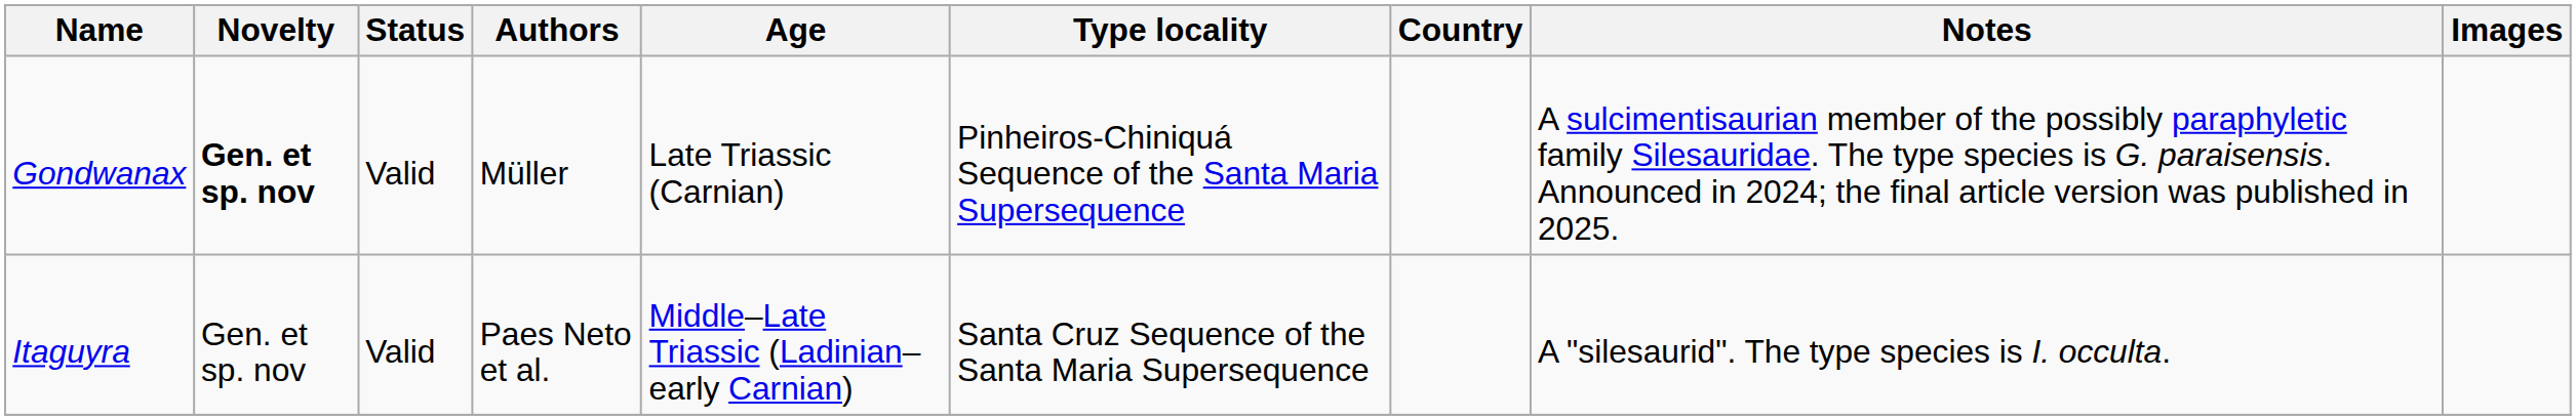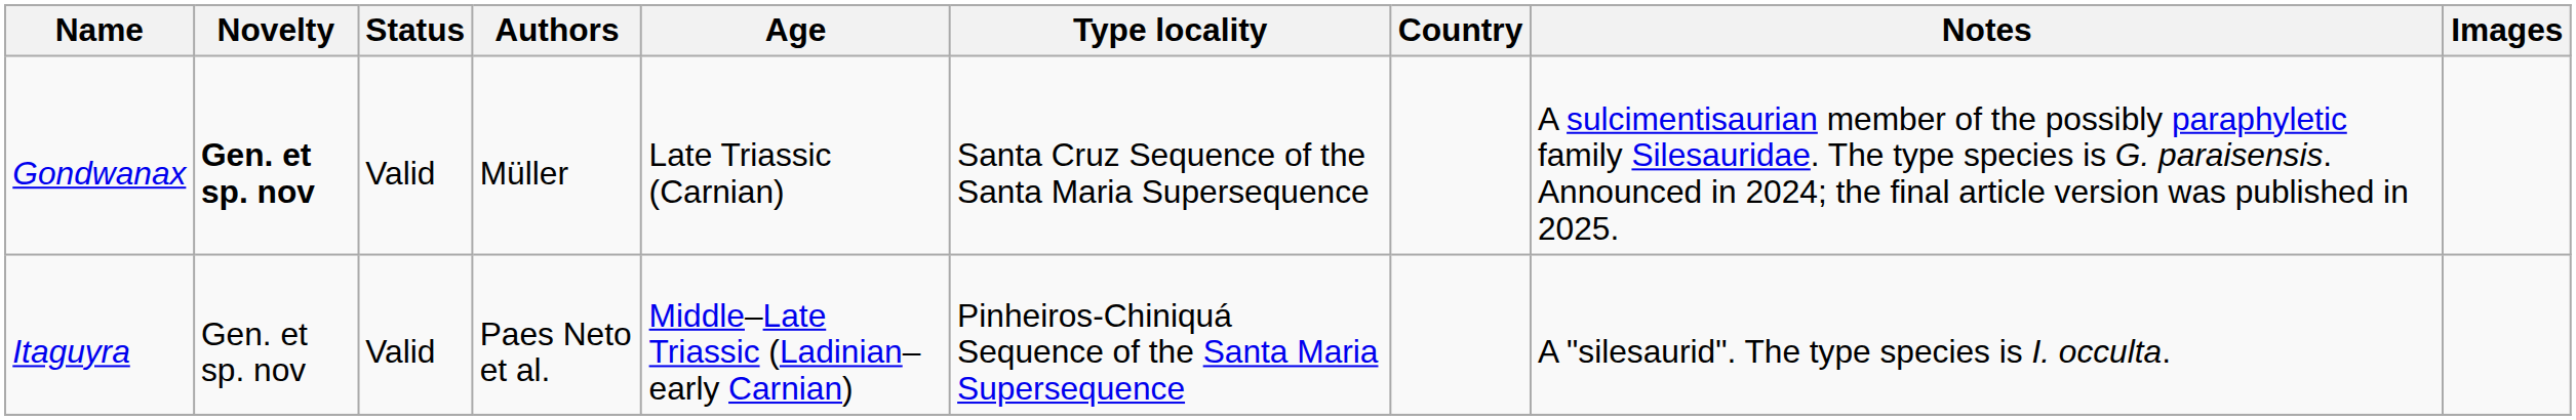 <table class="wikitable sortable" width="100%" align="center">
 <tr>
 <th>Name</th>
 <th>Novelty</th>
 <th>Status</th>
 <th>Authors</th>
 <th>Age</th>
 <th>Type locality</th>
 <th>Country</th>
 <th>Notes</th>
 <th>Images</th>
 </tr>
 <tr>
 <td><br><em><a href='#'>Gondwanax</a></em></td>
 <td><strong><br>Gen. et sp. nov</strong></td>
 <td><br>Valid</td>
 <td><br>Müller</td>
 <td><br>Late Triassic (Carnian)</td>
-<td><br>Pinheiros-Chiniquá Sequence of the <a href='#'>Santa Maria Supersequence</a></td>
+<td><br>Santa Cruz Sequence of the Santa Maria Supersequence</td>
 <td><br></td>
 <td><br>A <a href='#'>sulcimentisaurian</a> member of the possibly <a href='#'>paraphyletic</a> family <a href='#'>Silesauridae</a>. The type species is <em>G. paraisensis</em>. Announced in 2024; the final article version was published in 2025.</td>
 <td></td>
 </tr>
 <tr>
 <td><br><em><a href='#'>Itaguyra</a></em></td>
 <td><br>Gen. et sp. nov</td>
 <td><br>Valid</td>
 <td><br>Paes Neto et al.</td>
 <td><br><a href='#'>Middle</a>–<a href='#'>Late Triassic</a> (<a href='#'>Ladinian</a>–early <a href='#'>Carnian</a>)</td>
-<td><br>Santa Cruz Sequence of the Santa Maria Supersequence</td>
+<td><br>Pinheiros-Chiniquá Sequence of the <a href='#'>Santa Maria Supersequence</a></td>
 <td><br></td>
 <td><br>A "silesaurid". The type species is <em>I. occulta</em>.</td>
 <td></td>
 </tr>
 <tr>
 </tr>
 </table>
